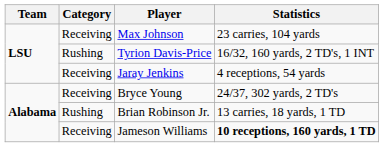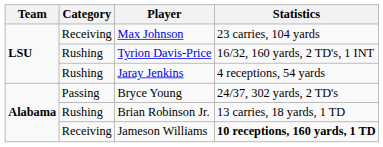 <table class="wikitable" style="float: right;">
 <tr>
 <th>Team</th>
 <th>Category</th>
 <th>Player</th>
 <th>Statistics</th>
 </tr>
 <tr>
 <td rowspan=3><strong>LSU</strong></td>
 <td>Receiving</td>
 <td><a href='#'>Max Johnson</a></td>
 <td>23 carries, 104 yards</td>
 </tr>
 <tr>
 <td>Rushing</td>
 <td><a href='#'>Tyrion Davis-Price</a></td>
 <td>16/32, 160 yards, 2 TD's, 1 INT</td>
 </tr>
 <tr>
-<td>Receiving</td>
+<td>Rushing</td>
 <td><a href='#'>Jaray Jenkins</a></td>
 <td>4 receptions, 54 yards</td>
 </tr>
 <tr>
 <td rowspan=3><strong>Alabama</strong></td>
-<td>Receiving</td>
+<td>Passing</td>
 <td>Bryce Young</td>
 <td>24/37, 302 yards, 2 TD's</td>
 </tr>
 <tr>
 <td>Rushing</td>
 <td>Brian Robinson Jr.</td>
 <td>13 carries, 18 yards, 1 TD</td>
 </tr>
 <tr>
 <td>Receiving</td>
 <td>Jameson Williams</td>
 <td><strong>10 receptions, 160 yards, 1 TD</strong></td>
 </tr>
 </table>
